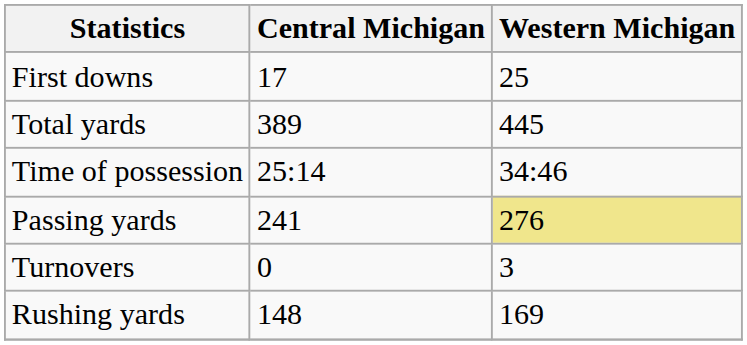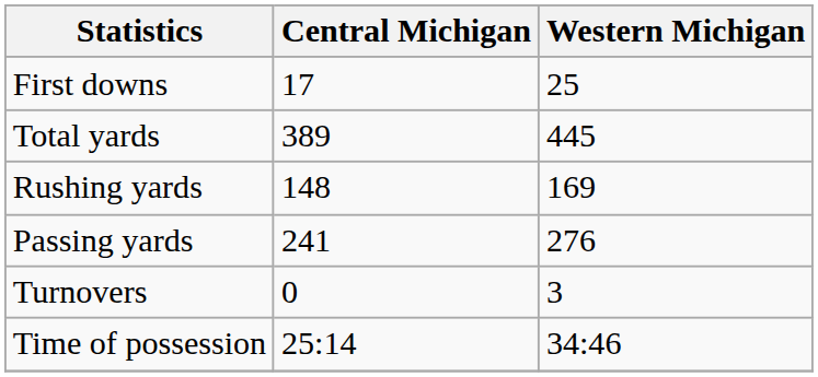 <table class="wikitable">
 <tr>
 <th>Statistics</th>
 <th>Central Michigan</th>
 <th>Western Michigan</th>
 </tr>
 <tr>
 <td>First downs</td>
 <td>17</td>
 <td>25</td>
 </tr>
 <tr>
 <td>Total yards</td>
 <td>389</td>
 <td>445</td>
 </tr>
 <tr>
-<td>Time of possession</td>
-<td>25:14</td>
-<td>34:46</td>
+<td>Rushing yards</td>
+<td>148</td>
+<td>169</td>
 </tr>
 <tr>
 <td>Passing yards</td>
 <td>241</td>
-<td style="background: khaki;">276</td>
+<td>276</td>
 </tr>
 <tr>
 <td>Turnovers</td>
 <td>0</td>
 <td>3</td>
 </tr>
 <tr>
-<td>Rushing yards</td>
-<td>148</td>
-<td>169</td>
+<td>Time of possession</td>
+<td>25:14</td>
+<td>34:46</td>
 </tr>
 <tr>
 </tr>
 </table>
